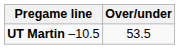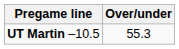 <table class="wikitable">
 <tr align="center">
 <th>Pregame line</th>
 <th>Over/under</th>
 </tr>
 <tr align="center">
 <td><strong>UT Martin</strong> –10.5</td>
-<td>53.5</td>
+<td>55.3</td>
 </tr>
 </table>
